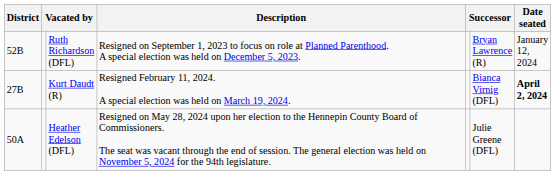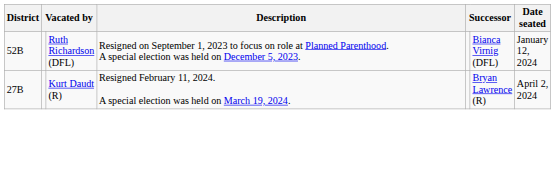 <table class="wikitable">
 <tr>
 <th>District</th>
 <th colspan="2">Vacated by</th>
 <th style="width:600px">Description</th>
 <th colspan="2">Successor</th>
 <th>Date <br>seated</th>
 </tr>
 <tr>
 <td>52B</td>
 <td style="background:"></td>
 <td><a href='#'>Ruth Richardson</a> (DFL)</td>
 <td>Resigned on September 1, 2023 to focus on role at <a href='#'>Planned Parenthood</a>.<br>A special election was held on <a href='#'>December 5, 2023</a>.</td>
 <td style="background:"></td>
-<td><a href='#'>Bryan Lawrence</a> (R)</td>
+<td><a href='#'>Bianca Virnig</a> (DFL)</td>
 <td>January 12, 2024</td>
 </tr>
 <tr>
 <td>27B</td>
 <td style="background:"></td>
 <td><a href='#'>Kurt Daudt</a> (R)</td>
 <td>Resigned February 11, 2024.<br><br>A special election was held on <a href='#'>March 19, 2024</a>.</td>
 <td style="background:"></td>
-<td><a href='#'>Bianca Virnig</a> (DFL)</td>
-<td><strong>April 2, 2024</strong></td>
-</tr>
-<tr>
-<td>50A</td>
-<td style="background:"></td>
-<td><a href='#'>Heather Edelson</a> (DFL)</td>
-<td>Resigned on May 28, 2024 upon her election to the Hennepin County Board of Commissioners.<br><br>The seat was vacant through the end of session. The general election was held on <a href='#'>November 5, 2024</a> for the 94th legislature.</td>
-<td style="background:"></td>
-<td>Julie Greene (DFL)</td>
-<td></td>
+<td><a href='#'>Bryan Lawrence</a> (R)</td>
+<td>April 2, 2024</td>
 </tr>
 </table>
